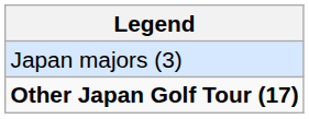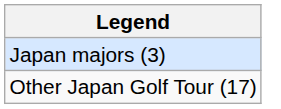 <table class="wikitable" style="font-size:95%;">
 <tr>
 <th>Legend</th>
 </tr>
 <tr style="background:#D6E8FF;">
 <td>Japan majors (3)</td>
 </tr>
 <tr>
-<td><strong>Other Japan Golf Tour (17)</strong></td>
+<td>Other Japan Golf Tour (17)</td>
 </tr>
 </table>
